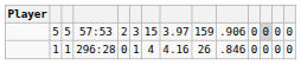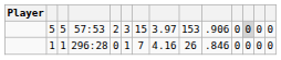 <table class="wikitable sortable" style="text-align:center;">
 <tr>
 <th>Player</th>
 <th></th>
 <th></th>
 <th></th>
 <th></th>
 <th></th>
 <th></th>
 <th></th>
 <th></th>
 <th></th>
 <th></th>
 <th></th>
 <th></th>
 <th></th>
 </tr>
 <tr>
 <td></td>
 <td>5</td>
 <td>5</td>
 <td>57:53</td>
 <td>2</td>
 <td>3</td>
 <td>15</td>
 <td>3.97</td>
-<td>159</td>
+<td>153</td>
 <td>.906</td>
 <td>0</td>
 <td style="background: lightgrey;">0</td>
 <td>0</td>
 <td>0</td>
 </tr>
 <tr>
 <td></td>
 <td>1</td>
 <td>1</td>
 <td>296:28</td>
 <td>0</td>
 <td>1</td>
-<td>4</td>
+<td>7</td>
 <td>4.16</td>
 <td>26</td>
 <td>.846</td>
 <td>0</td>
 <td>0</td>
 <td>0</td>
 <td>0</td>
 </tr>
 </table>
